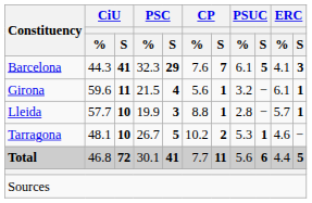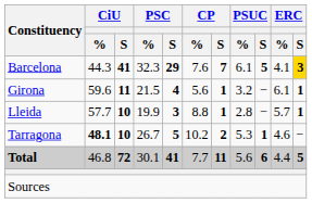 <table class="wikitable sortable" style="text-align:right; line-height:20px;">
 <tr>
 <th rowspan="3">Constituency</th>
 <th colspan="2" width="30px" class="unsortable"><a href='#'>CiU</a></th>
 <th colspan="2" width="30px" class="unsortable"><a href='#'>PSC</a></th>
 <th colspan="2" width="30px" class="unsortable"><a href='#'>CP</a></th>
 <th colspan="2" width="30px" class="unsortable"><a href='#'>PSUC</a></th>
 <th colspan="2" width="30px" class="unsortable"><a href='#'>ERC</a></th>
 </tr>
 <tr>
 <th colspan="2" style="background:"></th>
 <th colspan="2" style="background:"></th>
 <th colspan="2" style="background:"></th>
 <th colspan="2" style="background:"></th>
 <th colspan="2" style="background:"></th>
 </tr>
 <tr>
 <th data-sort-type="number">%</th>
 <th data-sort-type="number">S</th>
 <th data-sort-type="number">%</th>
 <th data-sort-type="number">S</th>
 <th data-sort-type="number">%</th>
 <th data-sort-type="number">S</th>
 <th data-sort-type="number">%</th>
 <th data-sort-type="number">S</th>
 <th data-sort-type="number">%</th>
 <th data-sort-type="number">S</th>
 </tr>
 <tr>
 <td align="left"><a href='#'>Barcelona</a></td>
 <td style="background:">44.3</td>
 <td><strong>41</strong></td>
 <td>32.3</td>
 <td><strong>29</strong></td>
 <td>7.6</td>
 <td><strong>7</strong></td>
 <td>6.1</td>
 <td><strong>5</strong></td>
 <td>4.1</td>
-<td><strong>3</strong></td>
+<td style="background: gold;"><strong>3</strong></td>
 </tr>
 <tr>
 <td align="left"><a href='#'>Girona</a></td>
 <td style="background:">59.6</td>
 <td><strong>11</strong></td>
 <td>21.5</td>
 <td><strong>4</strong></td>
 <td>5.6</td>
 <td><strong>1</strong></td>
 <td>3.2</td>
 <td>−</td>
 <td>6.1</td>
 <td><strong>1</strong></td>
 </tr>
 <tr>
 <td align="left"><a href='#'>Lleida</a></td>
 <td style="background:">57.7</td>
 <td><strong>10</strong></td>
 <td>19.9</td>
 <td><strong>3</strong></td>
 <td>8.8</td>
 <td><strong>1</strong></td>
 <td>2.8</td>
 <td>−</td>
 <td>5.7</td>
 <td><strong>1</strong></td>
 </tr>
 <tr>
 <td align="left"><a href='#'>Tarragona</a></td>
-<td style="background:">48.1</td>
+<td style="background:"><strong>48.1</strong></td>
 <td><strong>10</strong></td>
 <td>26.7</td>
 <td><strong>5</strong></td>
 <td>10.2</td>
 <td><strong>2</strong></td>
 <td>5.3</td>
 <td><strong>1</strong></td>
 <td>4.6</td>
 <td>−</td>
 </tr>
 <tr style="background:#CDCDCD;">
 <td align="left"><strong>Total</strong></td>
 <td style="background:">46.8</td>
 <td><strong>72</strong></td>
 <td>30.1</td>
 <td><strong>41</strong></td>
 <td>7.7</td>
 <td><strong>11</strong></td>
 <td>5.6</td>
 <td><strong>6</strong></td>
 <td>4.4</td>
 <td><strong>5</strong></td>
 </tr>
 <tr>
 <th colspan="11"></th>
 </tr>
 <tr>
 <th style="text-align:left; font-weight:normal; background:#F9F9F9" colspan="11">Sources</th>
 </tr>
 </table>
